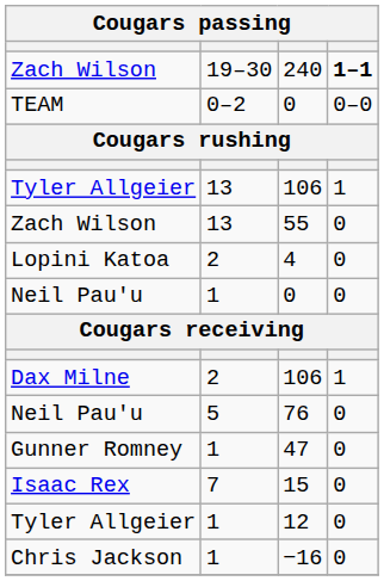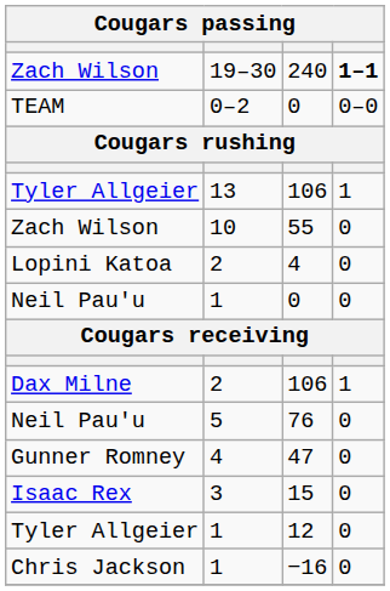 <table class="wikitable plainrowheaders">
 <tr>
 <th colspan="6">Cougars passing</th>
 </tr>
 <tr>
 <th scope="col"></th>
 <th scope="col"></th>
 <th scope="col"></th>
 <th scope="col"></th>
 </tr>
 <tr>
 <td><a href='#'>Zach Wilson</a></td>
 <td>19–30</td>
 <td>240</td>
 <td><strong>1–1</strong></td>
 </tr>
 <tr>
 <td>TEAM</td>
 <td>0–2</td>
 <td>0</td>
 <td>0–0</td>
 </tr>
 <tr>
 <th colspan="6">Cougars rushing</th>
 </tr>
 <tr>
 <th scope="col"></th>
 <th scope="col"></th>
 <th scope="col"></th>
 <th scope="col"></th>
 </tr>
 <tr>
 <td><a href='#'>Tyler Allgeier</a></td>
 <td>13</td>
 <td>106</td>
 <td>1</td>
 </tr>
 <tr>
 <td>Zach Wilson</td>
-<td>13</td>
+<td>10</td>
 <td>55</td>
 <td>0</td>
 </tr>
 <tr>
 <td>Lopini Katoa</td>
 <td>2</td>
 <td>4</td>
 <td>0</td>
 </tr>
 <tr>
 <td>Neil Pau'u</td>
 <td>1</td>
 <td>0</td>
 <td>0</td>
 </tr>
 <tr>
 <th colspan="6">Cougars receiving</th>
 </tr>
 <tr>
 <th scope="col"></th>
 <th scope="col"></th>
 <th scope="col"></th>
 <th scope="col"></th>
 </tr>
 <tr>
 <td><a href='#'>Dax Milne</a></td>
 <td>2</td>
 <td>106</td>
 <td>1</td>
 </tr>
 <tr>
 <td>Neil Pau'u</td>
 <td>5</td>
 <td>76</td>
 <td>0</td>
 </tr>
 <tr>
 <td>Gunner Romney</td>
-<td>1</td>
+<td>4</td>
 <td>47</td>
 <td>0</td>
 </tr>
 <tr>
 <td><a href='#'>Isaac Rex</a></td>
-<td>7</td>
+<td>3</td>
 <td>15</td>
 <td>0</td>
 </tr>
 <tr>
 <td>Tyler Allgeier</td>
 <td>1</td>
 <td>12</td>
 <td>0</td>
 </tr>
 <tr>
 <td>Chris Jackson</td>
 <td>1</td>
 <td>−16</td>
 <td>0</td>
 </tr>
 <tr>
 </tr>
 </table>
